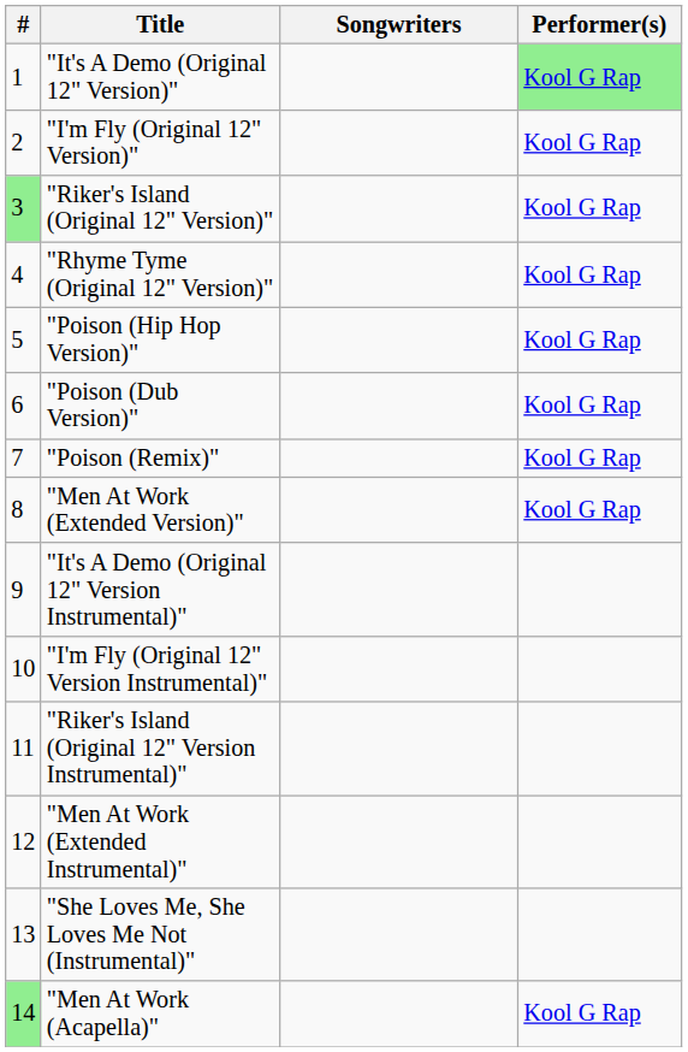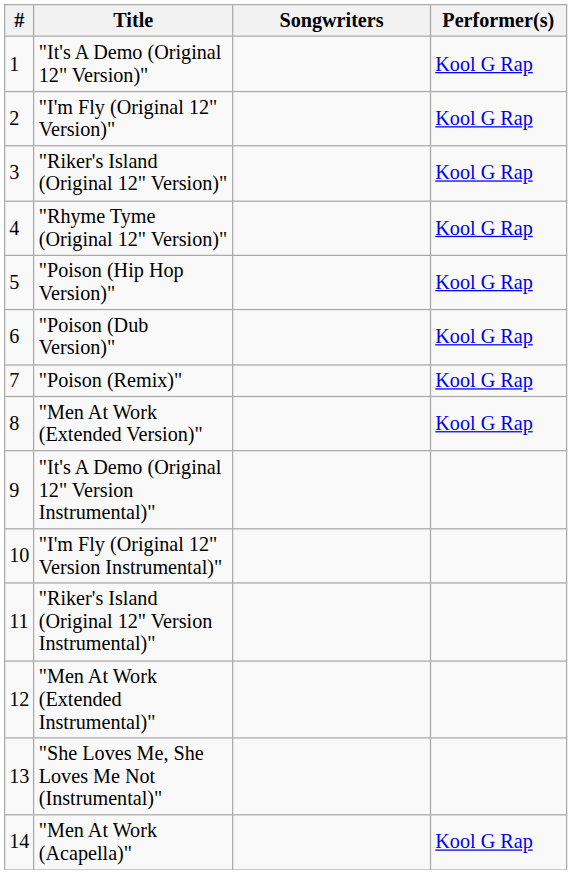 <table class="wikitable">
 <tr>
 <th style="text-align:center;">#</th>
 <th style="text-align:center; width:150px;">Title</th>
 <th style="text-align:center; width:150px;">Songwriters</th>
 <th style="text-align:center; width:100px;">Performer(s)</th>
 </tr>
 <tr>
 <td>1</td>
 <td>"It's A Demo (Original 12" Version)"</td>
 <td></td>
-<td style="background: lightgreen;"><a href='#'>Kool G Rap</a></td>
+<td><a href='#'>Kool G Rap</a></td>
 </tr>
 <tr>
 <td>2</td>
 <td>"I'm Fly (Original 12" Version)"</td>
 <td></td>
 <td><a href='#'>Kool G Rap</a></td>
 </tr>
 <tr>
-<td style="background: lightgreen;">3</td>
+<td>3</td>
 <td>"Riker's Island (Original 12" Version)"</td>
 <td></td>
 <td><a href='#'>Kool G Rap</a></td>
 </tr>
 <tr>
 <td>4</td>
 <td>"Rhyme Tyme (Original 12" Version)"</td>
 <td></td>
 <td><a href='#'>Kool G Rap</a></td>
 </tr>
 <tr>
 <td>5</td>
 <td>"Poison (Hip Hop Version)"</td>
 <td></td>
 <td><a href='#'>Kool G Rap</a></td>
 </tr>
 <tr>
 <td>6</td>
 <td>"Poison (Dub Version)"</td>
 <td></td>
 <td><a href='#'>Kool G Rap</a></td>
 </tr>
 <tr>
 <td>7</td>
 <td>"Poison (Remix)"</td>
 <td></td>
 <td><a href='#'>Kool G Rap</a></td>
 </tr>
 <tr>
 <td>8</td>
 <td>"Men At Work (Extended Version)"</td>
 <td></td>
 <td><a href='#'>Kool G Rap</a></td>
 </tr>
 <tr>
 <td>9</td>
 <td>"It's A Demo (Original 12" Version Instrumental)"</td>
 <td></td>
 <td></td>
 </tr>
 <tr>
 <td>10</td>
 <td>"I'm Fly (Original 12" Version Instrumental)"</td>
 <td></td>
 <td></td>
 </tr>
 <tr>
 <td>11</td>
 <td>"Riker's Island (Original 12" Version Instrumental)"</td>
 <td></td>
 <td></td>
 </tr>
 <tr>
 <td>12</td>
 <td>"Men At Work (Extended Instrumental)"</td>
 <td></td>
 <td></td>
 </tr>
 <tr>
 <td>13</td>
 <td>"She Loves Me, She Loves Me Not (Instrumental)"</td>
 <td></td>
 <td></td>
 </tr>
 <tr>
-<td style="background: lightgreen;">14</td>
+<td>14</td>
 <td>"Men At Work (Acapella)"</td>
 <td></td>
 <td><a href='#'>Kool G Rap</a></td>
 </tr>
 <tr>
 </tr>
 </table>
